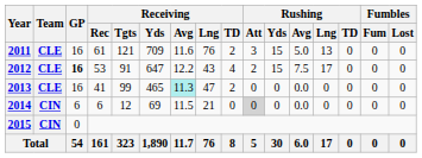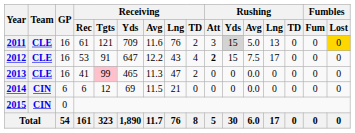 <table class=wikitable style="text-align:center;">
 <tr>
 <th rowspan="2">Year</th>
 <th rowspan="2">Team</th>
 <th rowspan="2">GP</th>
 <th colspan="6">Receiving</th>
 <th colspan="5">Rushing</th>
 <th colspan="2">Fumbles</th>
 </tr>
 <tr>
 <th>Rec</th>
 <th>Tgts</th>
 <th>Yds</th>
 <th>Avg</th>
 <th>Lng</th>
 <th>TD</th>
 <th>Att</th>
 <th>Yds</th>
 <th>Avg</th>
 <th>Lng</th>
 <th>TD</th>
 <th>Fum</th>
 <th>Lost</th>
 </tr>
 <tr>
 <th><a href='#'>2011</a></th>
 <th><a href='#'>CLE</a></th>
 <td>16</td>
 <td>61</td>
 <td>121</td>
 <td>709</td>
 <td>11.6</td>
 <td>76</td>
 <td>2</td>
 <td>3</td>
-<td>15</td>
+<td style="background: lightgrey;">15</td>
 <td>5.0</td>
 <td>13</td>
 <td>0</td>
 <td>0</td>
-<td>0</td>
+<td style="background: gold;">0</td>
 </tr>
 <tr>
 <th><a href='#'>2012</a></th>
 <th><a href='#'>CLE</a></th>
-<td><strong>16</strong></td>
+<td>16</td>
 <td>53</td>
 <td>91</td>
 <td>647</td>
 <td>12.2</td>
 <td>43</td>
 <td>4</td>
-<td>2</td>
+<td><strong>2</strong></td>
 <td>15</td>
 <td>7.5</td>
 <td>17</td>
 <td>0</td>
 <td>0</td>
 <td>0</td>
 </tr>
 <tr>
 <th><a href='#'>2013</a></th>
 <th><a href='#'>CLE</a></th>
 <td>16</td>
 <td>41</td>
-<td>99</td>
+<td style="background: pink;">99</td>
 <td>465</td>
-<td style="background: paleturquoise;">11.3</td>
+<td>11.3</td>
 <td>47</td>
 <td>2</td>
 <td>0</td>
 <td>0</td>
 <td>0.0</td>
 <td>0</td>
 <td>0</td>
 <td>0</td>
 <td>0</td>
 </tr>
 <tr>
 <th><a href='#'>2014</a></th>
 <th><a href='#'>CIN</a></th>
 <td>6</td>
 <td>6</td>
 <td>12</td>
 <td>69</td>
 <td>11.5</td>
 <td>21</td>
 <td>0</td>
-<td style="background: lightgrey;">0</td>
+<td>0</td>
 <td>0</td>
 <td>0.0</td>
 <td>0</td>
 <td>0</td>
 <td>0</td>
 <td>0</td>
 </tr>
 <tr>
 <th><a href='#'>2015</a></th>
 <th><a href='#'>CIN</a></th>
 <td>0</td>
 <td colspan="13"></td>
 </tr>
 <tr>
 <th colspan="2">Total</th>
 <th>54</th>
 <th>161</th>
 <th>323</th>
 <th>1,890</th>
 <th>11.7</th>
 <th>76</th>
 <th>8</th>
 <th>5</th>
 <th>30</th>
 <th>6.0</th>
 <th>17</th>
 <th>0</th>
 <th>0</th>
 <th>0</th>
 </tr>
 </table>
